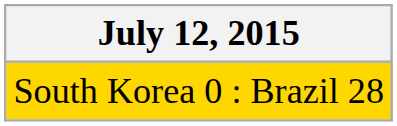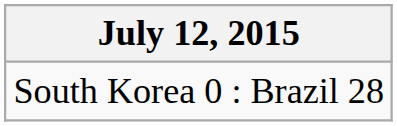 <table class="wikitable" style="text-align: center;">
 <tr>
 <th>July 12, 2015</th>
 </tr>
 <tr>
-<td style="background: gold;">South Korea 0 : Brazil 28</td>
+<td>South Korea 0 : Brazil 28</td>
 </tr>
 </table>
